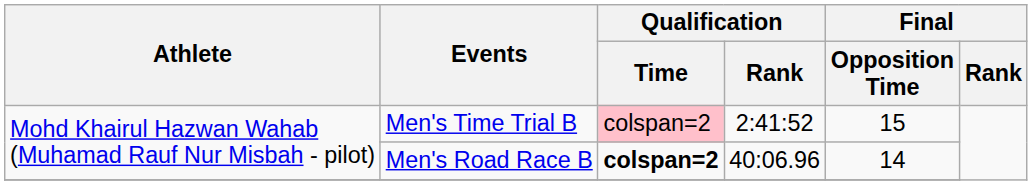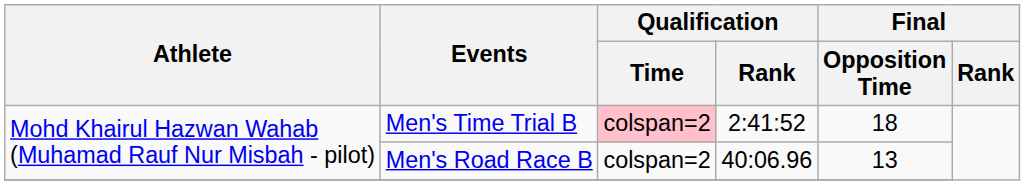 <table class=wikitable>
 <tr>
 <th rowspan="2">Athlete</th>
 <th rowspan="2">Events</th>
 <th colspan="2">Qualification</th>
 <th colspan="2">Final</th>
 </tr>
 <tr>
 <th>Time</th>
 <th>Rank</th>
 <th>Opposition<br>Time</th>
 <th>Rank</th>
 </tr>
 <tr>
 <td rowspan="2"><a href='#'>Mohd Khairul Hazwan Wahab</a><br>(<a href='#'>Muhamad Rauf Nur Misbah</a> - pilot)</td>
 <td><a href='#'>Men's Time Trial B</a></td>
 <td style="background: pink;">colspan=2 </td>
 <td align="center">2:41:52</td>
-<td align="center">15</td>
+<td align="center">18</td>
 </tr>
 <tr>
 <td><a href='#'>Men's Road Race B</a></td>
-<td><strong>colspan=2 </strong></td>
+<td>colspan=2 </td>
 <td align="center">40:06.96</td>
-<td align="center">14</td>
+<td align="center">13</td>
 </tr>
 <tr>
 </tr>
 </table>
